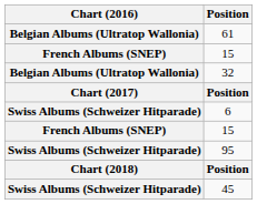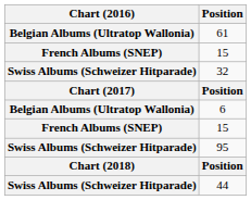 <table class="wikitable plainrowheaders" style="text-align:center;">
 <tr>
 <th scope="col">Chart (2016)</th>
 <th scope="col">Position</th>
 </tr>
 <tr>
 <th scope="row">Belgian Albums (Ultratop Wallonia)</th>
 <td>61</td>
 </tr>
 <tr>
 <th scope="row">French Albums (SNEP)</th>
 <td>15</td>
 </tr>
 <tr>
-<th scope="row">Belgian Albums (Ultratop Wallonia)</th>
+<th scope="row">Swiss Albums (Schweizer Hitparade)</th>
 <td>32</td>
 </tr>
 <tr>
 <th scope="col">Chart (2017)</th>
 <th scope="col">Position</th>
 </tr>
 <tr>
-<th scope="row">Swiss Albums (Schweizer Hitparade)</th>
+<th scope="row">Belgian Albums (Ultratop Wallonia)</th>
 <td>6</td>
 </tr>
 <tr>
 <th scope="row">French Albums (SNEP)</th>
 <td>15</td>
 </tr>
 <tr>
 <th scope="row">Swiss Albums (Schweizer Hitparade)</th>
 <td>95</td>
 </tr>
 <tr>
 <th scope="col">Chart (2018)</th>
 <th scope="col">Position</th>
 </tr>
 <tr>
 <th scope="row">Swiss Albums (Schweizer Hitparade)</th>
-<td>45</td>
+<td>44</td>
 </tr>
 </table>
